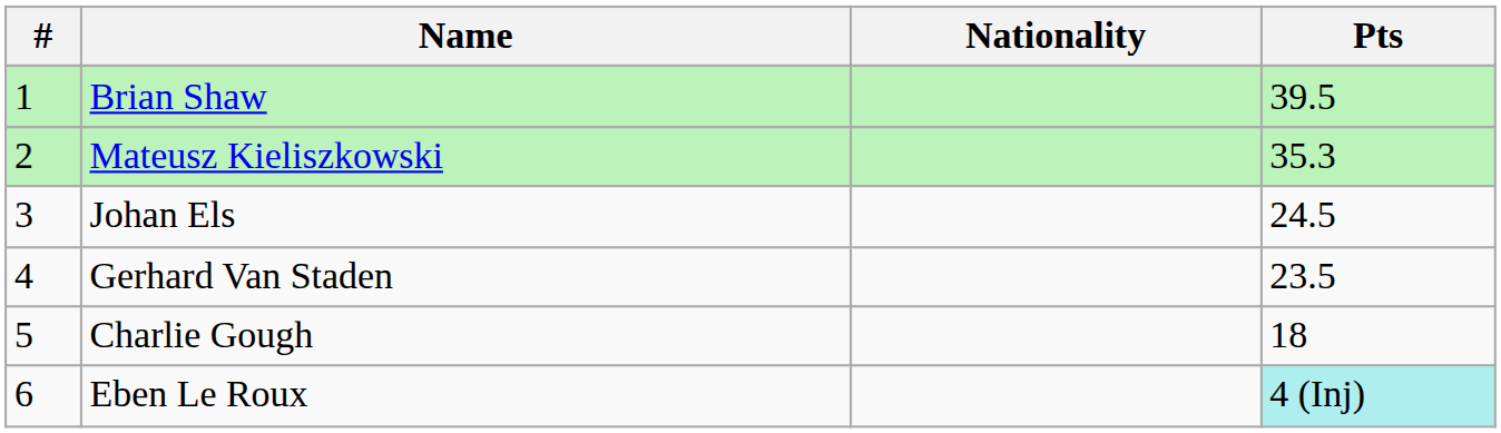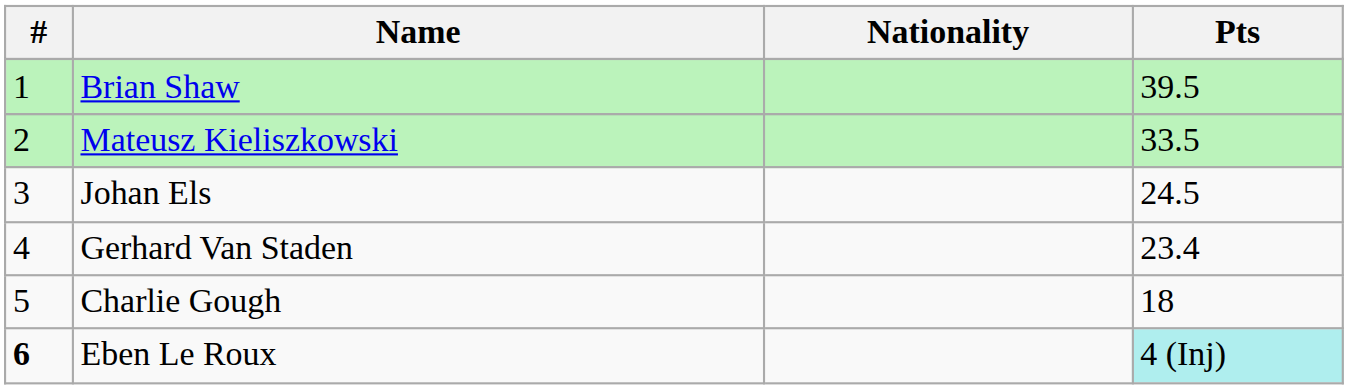 <table class="wikitable" style="display: inline-table; width: 50%;">
 <tr>
 <th>#</th>
 <th>Name</th>
 <th>Nationality</th>
 <th>Pts</th>
 </tr>
 <tr>
 </tr>
 <tr bgcolor=bbf3bb>
 <td>1</td>
 <td><a href='#'>Brian Shaw</a></td>
 <td></td>
 <td>39.5</td>
 </tr>
 <tr>
 </tr>
 <tr bgcolor=bbf3bb>
 <td>2</td>
 <td><a href='#'>Mateusz Kieliszkowski</a></td>
 <td></td>
-<td>35.3</td>
+<td>33.5</td>
 </tr>
 <tr>
 <td>3</td>
 <td>Johan Els</td>
 <td></td>
 <td>24.5</td>
 </tr>
 <tr>
 <td>4</td>
 <td>Gerhard Van Staden</td>
 <td></td>
-<td>23.5</td>
+<td>23.4</td>
 </tr>
 <tr>
 <td>5</td>
 <td>Charlie Gough</td>
 <td></td>
 <td>18</td>
 </tr>
 <tr>
-<td>6</td>
+<td><strong>6</strong></td>
 <td>Eben Le Roux</td>
 <td></td>
 <td style="background: paleturquoise;">4 (Inj)</td>
 </tr>
 </table>
